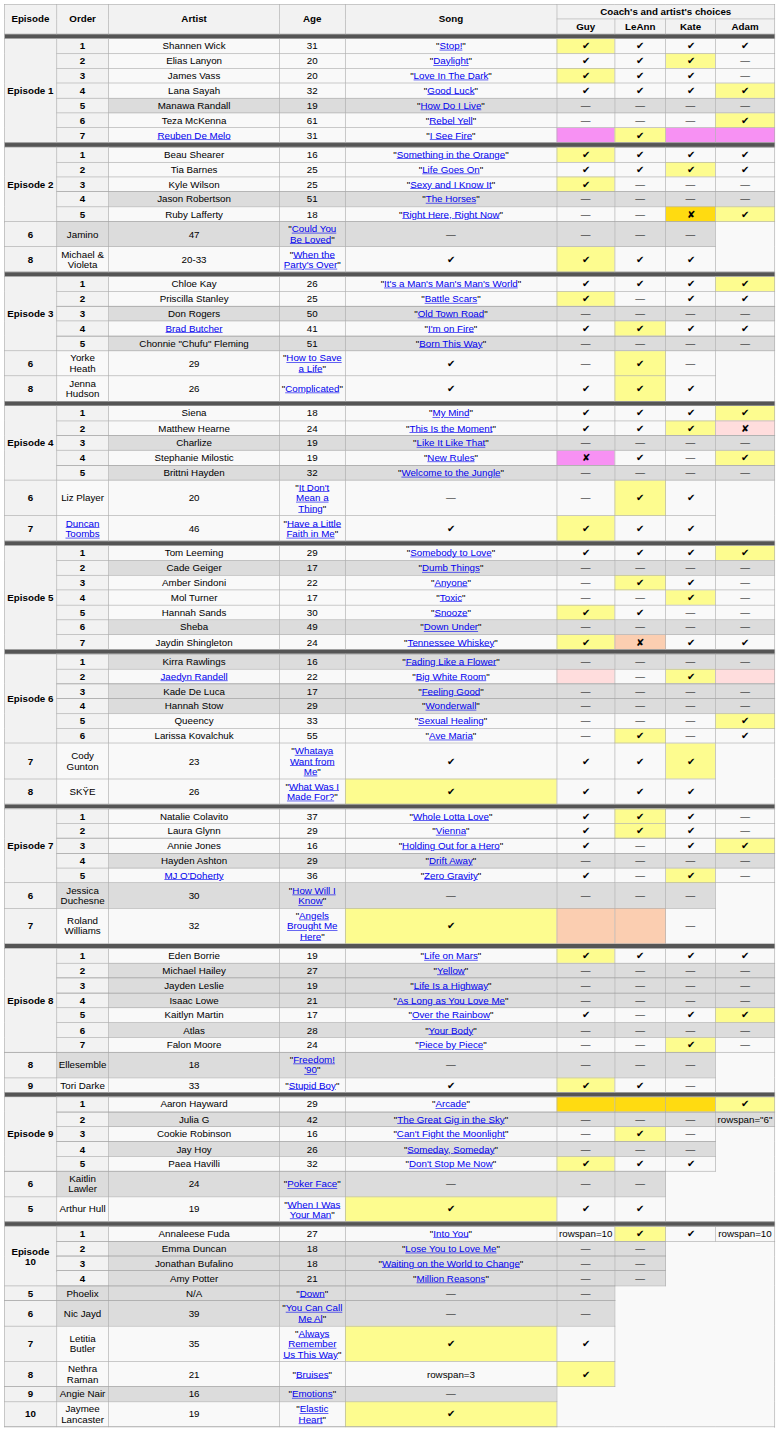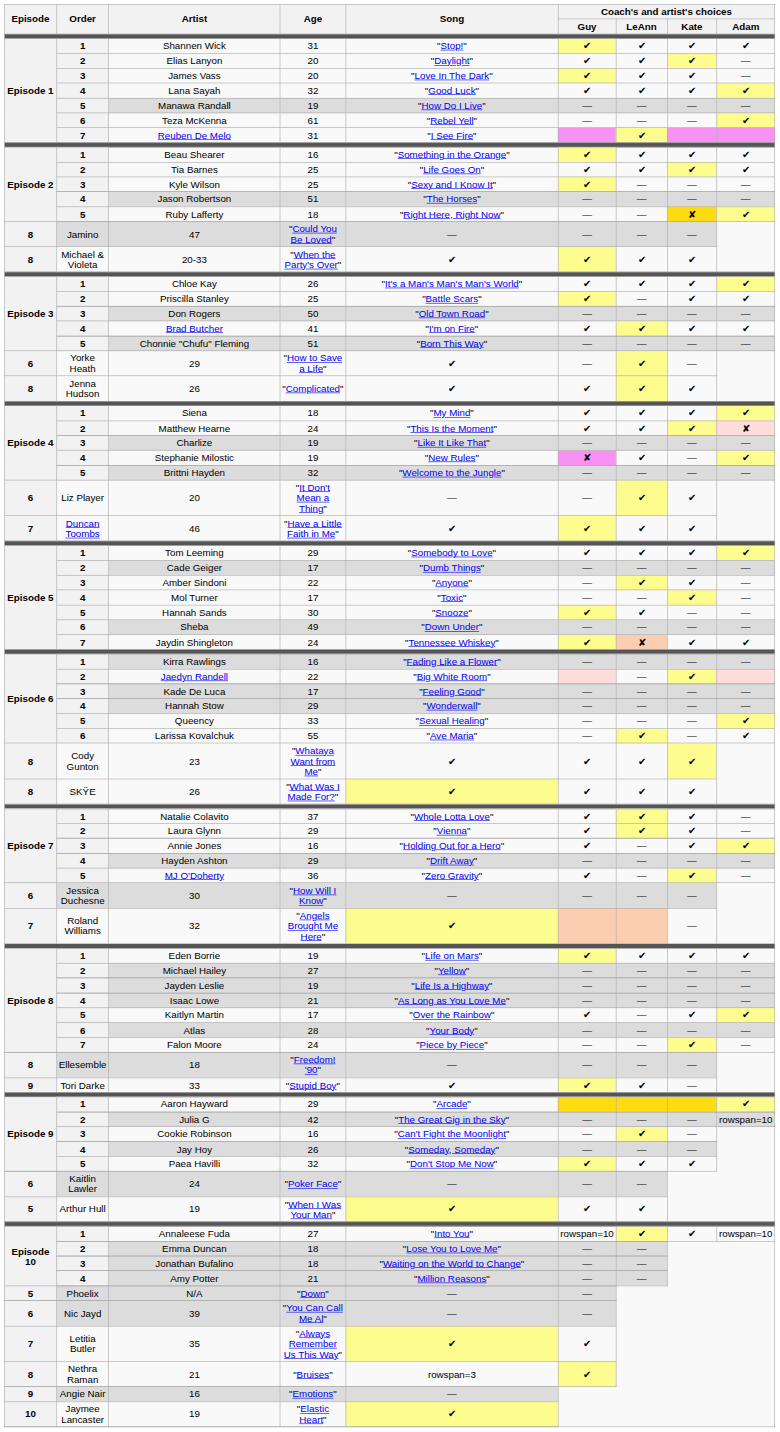 <table class="wikitable" style="text-align:center; line-height:17px; width:100%">
 <tr>
 <th rowspan="2" scope="col" style="width:07%">Episode</th>
 <th rowspan="2" scope="col" style="width:02%">Order</th>
 <th rowspan="2" scope="col" style="width:25%">Artist</th>
 <th rowspan="2" scope="col" style="width:07%">Age</th>
 <th rowspan="2" scope="col" style="width:31%">Song</th>
 <th colspan="4">Coach's and artist's choices</th>
 </tr>
 <tr>
 <th style="width:07%">Guy</th>
 <th style="width:07%">LeAnn</th>
 <th style="width:07%">Kate</th>
 <th style="width:07%">Adam</th>
 </tr>
 <tr>
 <td colspan="9" style="background:#555"></td>
 </tr>
 <tr>
 <th scope="row" rowspan="7">Episode 1<br></th>
 <th>1</th>
 <td>Shannen Wick</td>
 <td>31</td>
 <td>"<a href='#'>Stop!</a>"</td>
 <td style="background:#FDFC8F;">✔</td>
 <td>✔</td>
 <td>✔</td>
 <td>✔</td>
 </tr>
 <tr>
 <th>2</th>
 <td>Elias Lanyon</td>
 <td>20</td>
 <td>"<a href='#'>Daylight</a>"</td>
 <td>✔</td>
 <td>✔</td>
 <td style="background:#FDFC8F;">✔</td>
 <td>—</td>
 </tr>
 <tr>
 <th>3</th>
 <td>James Vass</td>
 <td>20</td>
 <td>"<a href='#'>Love In The Dark</a>"</td>
 <td style="background:#FDFC8F;">✔</td>
 <td>✔</td>
 <td>✔</td>
 <td>—</td>
 </tr>
 <tr>
 <th>4</th>
 <td>Lana Sayah</td>
 <td>32</td>
 <td>"<a href='#'>Good Luck</a>"</td>
 <td>✔</td>
 <td>✔</td>
 <td>✔</td>
 <td style="background:#FDFC8F;">✔</td>
 </tr>
 <tr bgcolor=#DCDCDC>
 <th>5</th>
 <td>Manawa Randall</td>
 <td>19</td>
 <td>"<a href='#'>How Do I Live</a>"</td>
 <td>—</td>
 <td>—</td>
 <td>—</td>
 <td>—</td>
 </tr>
 <tr>
 <th>6</th>
 <td>Teza McKenna</td>
 <td>61</td>
 <td>"<a href='#'>Rebel Yell</a>"</td>
 <td>—</td>
 <td>—</td>
 <td>—</td>
 <td style="background:#FDFC8F;">✔</td>
 </tr>
 <tr>
 <th>7</th>
 <td><a href='#'>Reuben De Melo</a></td>
 <td>31</td>
 <td>"<a href='#'>I See Fire</a>"</td>
 <td style="background:#f791f3;"> <strong></strong> </td>
 <td style="background:#FDFC8F;">✔</td>
 <td style="background:#f791f3;"> <strong></strong> </td>
 <td style="background:#f791f3;"> <strong></strong> </td>
 </tr>
 <tr>
 <td colspan="9" style="background:#555"></td>
 </tr>
 <tr>
 <th scope="row" rowspan="7">Episode 2<br></th>
 <th>1</th>
 <td>Beau Shearer</td>
 <td>16</td>
 <td>"<a href='#'>Something in the Orange</a>"</td>
 <td style="background:#FDFC8F;">✔</td>
 <td>✔</td>
 <td>✔</td>
 <td>✔</td>
 </tr>
 <tr>
 <th>2</th>
 <td>Tia Barnes</td>
 <td>25</td>
 <td>"<a href='#'>Life Goes On</a>"</td>
 <td>✔</td>
 <td>✔</td>
 <td style="background:#FDFC8F;">✔</td>
 <td>✔</td>
 </tr>
 <tr>
 <th>3</th>
 <td>Kyle Wilson</td>
 <td>25</td>
 <td>"<a href='#'>Sexy and I Know It</a>"</td>
 <td style="background:#FDFC8F;">✔</td>
 <td>—</td>
 <td>—</td>
 <td>—</td>
 </tr>
 <tr>
 </tr>
 <tr bgcolor=#DCDCDC>
 <th>4</th>
 <td>Jason Robertson</td>
 <td>51</td>
 <td>"<a href='#'>The Horses</a>"</td>
 <td>—</td>
 <td>—</td>
 <td>—</td>
 <td>—</td>
 </tr>
 <tr>
 <th>5</th>
 <td>Ruby Lafferty</td>
 <td>18</td>
 <td>"<a href='#'>Right Here, Right Now</a>"</td>
 <td>—</td>
 <td>—</td>
 <td style="background:#ffdb11">✘</td>
 <td style="background:#FDFC8F;">✔</td>
 </tr>
 <tr>
 </tr>
 <tr bgcolor=#DCDCDC>
-<th>6</th>
+<th>8</th>
 <td>Jamino</td>
 <td>47</td>
 <td>"<a href='#'>Could You Be Loved</a>"</td>
 <td>—</td>
 <td>—</td>
 <td>—</td>
 <td>—</td>
 </tr>
 <tr>
 <th>8</th>
 <td>Michael & Violeta</td>
 <td>20-33</td>
 <td>"<a href='#'>When the Party's Over</a>"</td>
 <td>✔</td>
 <td style="background:#FDFC8F;">✔</td>
 <td>✔</td>
 <td>✔</td>
 </tr>
 <tr>
 <td colspan="9" style="background:#555"></td>
 </tr>
 <tr>
 <th scope="row" rowspan="7">Episode 3<br></th>
 <th>1</th>
 <td>Chloe Kay</td>
 <td>26</td>
 <td>"<a href='#'>It's a Man's Man's Man's World</a>"</td>
 <td>✔</td>
 <td>✔</td>
 <td>✔</td>
 <td style="background:#FDFC8F;">✔</td>
 </tr>
 <tr>
 <th>2</th>
 <td>Priscilla Stanley</td>
 <td>25</td>
 <td>"<a href='#'>Battle Scars</a>"</td>
 <td style="background:#FDFC8F;">✔</td>
 <td>—</td>
 <td>✔</td>
 <td>✔</td>
 </tr>
 <tr>
 </tr>
 <tr bgcolor=#DCDCDC>
 <th>3</th>
 <td>Don Rogers</td>
 <td>50</td>
 <td>"<a href='#'>Old Town Road</a>"</td>
 <td>—</td>
 <td>—</td>
 <td>—</td>
 <td>—</td>
 </tr>
 <tr>
 <th>4</th>
 <td><a href='#'>Brad Butcher</a></td>
 <td>41</td>
 <td>"<a href='#'>I'm on Fire</a>"</td>
 <td>✔</td>
 <td style="background:#FDFC8F;">✔</td>
 <td>✔</td>
 <td>✔</td>
 </tr>
 <tr>
 </tr>
 <tr bgcolor=#DCDCDC>
 <th>5</th>
 <td>Chonnie "Chufu" Fleming</td>
 <td>51</td>
 <td>"<a href='#'>Born This Way</a>"</td>
 <td>—</td>
 <td>—</td>
 <td>—</td>
 <td>—</td>
 </tr>
 <tr>
 <th>6</th>
 <td>Yorke Heath</td>
 <td>29</td>
 <td>"<a href='#'>How to Save a Life</a>"</td>
 <td>✔</td>
 <td>—</td>
 <td style="background:#FDFC8F;">✔</td>
 <td>—</td>
 </tr>
 <tr>
 <th>8</th>
 <td>Jenna Hudson</td>
 <td>26</td>
 <td>"<a href='#'>Complicated</a>"</td>
 <td>✔</td>
 <td>✔</td>
 <td style="background:#FDFC8F;">✔</td>
 <td>✔</td>
 </tr>
 <tr>
 <td colspan="9" style="background:#555"></td>
 </tr>
 <tr>
 <th scope="row" rowspan="7">Episode 4<br></th>
 <th>1</th>
 <td>Siena</td>
 <td>18</td>
 <td>"<a href='#'>My Mind</a>"</td>
 <td>✔</td>
 <td>✔</td>
 <td>✔</td>
 <td style="background:#FDFC8F;">✔</td>
 </tr>
 <tr>
 <th>2</th>
 <td>Matthew Hearne</td>
 <td>24</td>
 <td>"<a href='#'>This Is the Moment</a>"</td>
 <td>✔</td>
 <td>✔</td>
 <td style="background:#FDFC8F;">✔</td>
 <td style="background:#ffdddd">✘</td>
 </tr>
 <tr>
 </tr>
 <tr bgcolor=#DCDCDC>
 <th>3</th>
 <td>Charlize</td>
 <td>19</td>
 <td>"<a href='#'>Like It Like That</a>"</td>
 <td>—</td>
 <td>—</td>
 <td>—</td>
 <td>—</td>
 </tr>
 <tr>
 <th>4</th>
 <td>Stephanie Milostic</td>
 <td>19</td>
 <td>"<a href='#'>New Rules</a>"</td>
 <td style="background:#f791f3">✘</td>
 <td>✔</td>
 <td>—</td>
 <td style="background:#FDFC8F;">✔</td>
 </tr>
 <tr>
 </tr>
 <tr bgcolor=#DCDCDC>
 <th>5</th>
 <td>Brittni Hayden</td>
 <td>32</td>
 <td>"<a href='#'>Welcome to the Jungle</a>"</td>
 <td>—</td>
 <td>—</td>
 <td>—</td>
 <td>—</td>
 </tr>
 <tr>
 <th>6</th>
 <td>Liz Player</td>
 <td>20</td>
 <td>"<a href='#'>It Don't Mean a Thing</a>"</td>
 <td>—</td>
 <td>—</td>
 <td style="background:#FDFC8F;">✔</td>
 <td>✔</td>
 </tr>
 <tr>
 <th>7</th>
 <td><a href='#'>Duncan Toombs</a></td>
 <td>46</td>
 <td>"<a href='#'>Have a Little Faith in Me</a>"</td>
 <td>✔</td>
 <td style="background:#FDFC8F;">✔</td>
 <td>✔</td>
 <td>✔</td>
 </tr>
 <tr>
 <td colspan="9" style="background:#555"></td>
 </tr>
 <tr>
 <th scope="row" rowspan="7">Episode 5<br></th>
 <th>1</th>
 <td>Tom Leeming</td>
 <td>29</td>
 <td>"<a href='#'>Somebody to Love</a>"</td>
 <td>✔</td>
 <td>✔</td>
 <td>✔</td>
 <td style="background:#FDFC8F;">✔</td>
 </tr>
 <tr bgcolor=#DCDCDC>
 <th>2</th>
 <td>Cade Geiger</td>
 <td>17</td>
 <td>"<a href='#'>Dumb Things</a>"</td>
 <td>—</td>
 <td>—</td>
 <td>—</td>
 <td>—</td>
 </tr>
 <tr>
 <th>3</th>
 <td>Amber Sindoni</td>
 <td>22</td>
 <td>"<a href='#'>Anyone</a>"</td>
 <td>—</td>
 <td style="background:#FDFC8F;">✔</td>
 <td>✔</td>
 <td>—</td>
 </tr>
 <tr>
 <th>4</th>
 <td>Mol Turner</td>
 <td>17</td>
 <td>"<a href='#'>Toxic</a>"</td>
 <td>—</td>
 <td>—</td>
 <td style="background:#FDFC8F;">✔</td>
 <td>—</td>
 </tr>
 <tr>
 <th>5</th>
 <td>Hannah Sands</td>
 <td>30</td>
 <td>"<a href='#'>Snooze</a>"</td>
 <td style="background:#FDFC8F;">✔</td>
 <td>✔</td>
 <td>—</td>
 <td>—</td>
 </tr>
 <tr bgcolor=#DCDCDC>
 <th>6</th>
 <td>Sheba</td>
 <td>49</td>
 <td>"<a href='#'>Down Under</a>"</td>
 <td>—</td>
 <td>—</td>
 <td>—</td>
 <td>—</td>
 </tr>
 <tr>
 <th>7</th>
 <td>Jaydin Shingleton</td>
 <td>24</td>
 <td>"<a href='#'>Tennessee Whiskey</a>"</td>
 <td style="background:#FDFC8F;">✔</td>
 <td style="background:#FBCEB1">✘</td>
 <td>✔</td>
 <td>✔</td>
 </tr>
 <tr>
 <td colspan="9" style="background:#555"></td>
 </tr>
 <tr>
 <th scope="row" rowspan="9">Episode 6<br></th>
 </tr>
 <tr bgcolor=#DCDCDC>
 <th>1</th>
 <td>Kirra Rawlings</td>
 <td>16</td>
 <td>"<a href='#'>Fading Like a Flower</a>"</td>
 <td>—</td>
 <td>—</td>
 <td>—</td>
 <td>—</td>
 </tr>
 <tr>
 <th>2</th>
 <td><a href='#'>Jaedyn Randell</a></td>
 <td>22</td>
 <td>"<a href='#'>Big White Room</a>"</td>
 <td style="background:#ffdddd;"> <strong></strong> </td>
 <td>—</td>
 <td style="background:#FDFC8F;">✔</td>
 <td style="background:#ffdddd;"> <strong></strong> </td>
 </tr>
 <tr>
 </tr>
 <tr bgcolor=#DCDCDC>
 <th>3</th>
 <td>Kade De Luca</td>
 <td>17</td>
 <td>"<a href='#'>Feeling Good</a>"</td>
 <td>—</td>
 <td>—</td>
 <td>—</td>
 <td>—</td>
 </tr>
 <tr>
 </tr>
 <tr bgcolor=#DCDCDC>
 <th>4</th>
 <td>Hannah Stow</td>
 <td>29</td>
 <td>"<a href='#'>Wonderwall</a>"</td>
 <td>—</td>
 <td>—</td>
 <td>—</td>
 <td>—</td>
 </tr>
 <tr>
 <th>5</th>
 <td>Queency</td>
 <td>33</td>
 <td>"<a href='#'>Sexual Healing</a>"</td>
 <td>—</td>
 <td>—</td>
 <td>—</td>
 <td style="background:#FDFC8F;">✔</td>
 </tr>
 <tr>
 <th>6</th>
 <td>Larissa Kovalchuk</td>
 <td>55</td>
 <td>"<a href='#'>Ave Maria</a>"</td>
 <td>—</td>
 <td style="background:#FDFC8F;">✔</td>
 <td>—</td>
 <td>✔</td>
 </tr>
 <tr>
-<th>7</th>
+<th>8</th>
 <td>Cody Gunton</td>
 <td>23</td>
 <td>"<a href='#'>Whataya Want from Me</a>"</td>
 <td>✔</td>
 <td>✔</td>
 <td>✔</td>
 <td style="background:#FDFC8F;">✔</td>
 </tr>
 <tr>
 <th>8</th>
 <td>SKŸE</td>
 <td>26</td>
 <td>"<a href='#'>What Was I Made For?</a>"</td>
 <td style="background:#FDFC8F;">✔</td>
 <td>✔</td>
 <td>✔</td>
 <td>✔</td>
 </tr>
 <tr>
 <td colspan="9" style="background:#555"></td>
 </tr>
 <tr>
 <th scope="row" rowspan="8">Episode 7<br></th>
 </tr>
 <tr>
 <th>1</th>
 <td>Natalie Colavito</td>
 <td>37</td>
 <td>"<a href='#'>Whole Lotta Love</a>"</td>
 <td>✔</td>
 <td style="background:#FDFC8F;">✔</td>
 <td>✔</td>
 <td>—</td>
 </tr>
 <tr>
 <th>2</th>
 <td>Laura Glynn</td>
 <td>29</td>
 <td>"<a href='#'>Vienna</a>"</td>
 <td>✔</td>
 <td style="background:#FDFC8F;">✔</td>
 <td>✔</td>
 <td>—</td>
 </tr>
 <tr>
 </tr>
 <tr>
 <th>3</th>
 <td>Annie Jones</td>
 <td>16</td>
 <td>"<a href='#'>Holding Out for a Hero</a>"</td>
 <td>✔</td>
 <td>—</td>
 <td>✔</td>
 <td style="background:#FDFC8F;">✔</td>
 </tr>
 <tr>
 </tr>
 <tr bgcolor=#DCDCDC>
 <th>4</th>
 <td>Hayden Ashton</td>
 <td>29</td>
 <td>"<a href='#'>Drift Away</a>"</td>
 <td>—</td>
 <td>—</td>
 <td>—</td>
 <td>—</td>
 </tr>
 <tr>
 <th>5</th>
 <td><a href='#'>MJ O'Doherty</a></td>
 <td>36</td>
 <td>"<a href='#'>Zero Gravity</a>"</td>
 <td>✔</td>
 <td>—</td>
 <td style="background:#FDFC8F;">✔</td>
 <td>—</td>
 </tr>
 <tr bgcolor=#DCDCDC>
 <th>6</th>
 <td>Jessica Duchesne</td>
 <td>30</td>
 <td>"<a href='#'>How Will I Know</a>"</td>
 <td>—</td>
 <td>—</td>
 <td>—</td>
 <td>—</td>
 </tr>
 <tr>
 <th>7</th>
 <td>Roland Williams</td>
 <td>32</td>
 <td>"<a href='#'>Angels Brought Me Here</a>"</td>
 <td style="background:#FDFC8F;">✔</td>
 <td style="background:#fbceb1;"> <strong></strong> </td>
 <td style="background:#fbceb1;"> <strong></strong> </td>
 <td>—</td>
 </tr>
 <tr>
 <td colspan="9" style="background:#555"></td>
 </tr>
 <tr>
 <th scope="row" rowspan="10">Episode 8<br></th>
 </tr>
 <tr>
 <th>1</th>
 <td>Eden Borrie</td>
 <td>19</td>
 <td>"<a href='#'>Life on Mars</a>"</td>
 <td style="background:#FDFC8F;">✔</td>
 <td>✔</td>
 <td>✔</td>
 <td>✔</td>
 </tr>
 <tr bgcolor=#DCDCDC>
 <th>2</th>
 <td>Michael Hailey</td>
 <td>27</td>
 <td>"<a href='#'>Yellow</a>"</td>
 <td>—</td>
 <td>—</td>
 <td>—</td>
 <td>—</td>
 </tr>
 <tr>
 </tr>
 <tr bgcolor=#DCDCDC>
 <th>3</th>
 <td>Jayden Leslie</td>
 <td>19</td>
 <td>"<a href='#'>Life Is a Highway</a>"</td>
 <td>—</td>
 <td>—</td>
 <td>—</td>
 <td>—</td>
 </tr>
 <tr>
 </tr>
 <tr bgcolor=#DCDCDC>
 <th>4</th>
 <td>Isaac Lowe</td>
 <td>21</td>
 <td>"<a href='#'>As Long as You Love Me</a>"</td>
 <td>—</td>
 <td>—</td>
 <td>—</td>
 <td>—</td>
 </tr>
 <tr>
 <th>5</th>
 <td>Kaitlyn Martin</td>
 <td>17</td>
 <td>"<a href='#'>Over the Rainbow</a>"</td>
 <td>✔</td>
 <td>—</td>
 <td>✔</td>
 <td style="background:#FDFC8F;">✔</td>
 </tr>
 <tr bgcolor=#DCDCDC>
 <th>6</th>
 <td>Atlas</td>
 <td>28</td>
 <td>"<a href='#'>Your Body</a>"</td>
 <td>—</td>
 <td>—</td>
 <td>—</td>
 <td>—</td>
 </tr>
 <tr>
 <th>7</th>
 <td>Falon Moore</td>
 <td>24</td>
 <td>"<a href='#'>Piece by Piece</a>"</td>
 <td>—</td>
 <td>—</td>
 <td style="background:#FDFC8F;">✔</td>
 <td>—</td>
 </tr>
 <tr>
 </tr>
 <tr bgcolor=#DCDCDC>
 <th>8</th>
 <td>Ellesemble</td>
 <td>18</td>
 <td>"<a href='#'>Freedom! '90</a>"</td>
 <td>—</td>
 <td>—</td>
 <td>—</td>
 <td>—</td>
 </tr>
 <tr>
 <th>9</th>
 <td>Tori Darke</td>
 <td>33</td>
 <td>"<a href='#'>Stupid Boy</a>"</td>
 <td>✔</td>
 <td style="background:#FDFC8F;">✔</td>
 <td>✔</td>
 <td>—</td>
 </tr>
 <tr>
 <td colspan="9" style="background:#555"></td>
 </tr>
 <tr>
 <th scope="row" rowspan="8">Episode 9<br></th>
 </tr>
 <tr>
 <th>1</th>
 <td>Aaron Hayward</td>
 <td>29</td>
 <td>"<a href='#'>Arcade</a>"</td>
 <td style="background:#ffdb11;"> <strong></strong> </td>
 <td style="background:#ffdb11;"> <strong></strong> </td>
 <td style="background:#ffdb11;"> <strong></strong> </td>
 <td style="background:#FDFC8F;">✔</td>
 </tr>
 <tr>
 </tr>
 <tr bgcolor=#DCDCDC>
 <th>2</th>
 <td>Julia G</td>
 <td>42</td>
 <td>"<a href='#'>The Great Gig in the Sky</a>"</td>
 <td>—</td>
 <td>—</td>
 <td>—</td>
-<td>rowspan="6" </td>
+<td>rowspan=10 </td>
 </tr>
 <tr>
 <th>3</th>
 <td>Cookie Robinson</td>
 <td>16</td>
 <td>"<a href='#'>Can't Fight the Moonlight</a>"</td>
 <td>—</td>
 <td style="background:#FDFC8F;">✔</td>
 <td>—</td>
 </tr>
 <tr>
 </tr>
 <tr bgcolor=#DCDCDC>
 <th>4</th>
 <td>Jay Hoy</td>
 <td>26</td>
 <td>"<a href='#'>Someday, Someday</a>"</td>
 <td>—</td>
 <td>—</td>
 <td>—</td>
 </tr>
 <tr>
 <th>5</th>
 <td>Paea Havilli</td>
 <td>32</td>
 <td>"<a href='#'>Don't Stop Me Now</a>"</td>
 <td style="background:#FDFC8F;">✔</td>
 <td>✔</td>
 <td>✔</td>
 </tr>
 <tr>
 </tr>
 <tr bgcolor=#DCDCDC>
 <th>6</th>
 <td>Kaitlin Lawler</td>
 <td>24</td>
 <td>"<a href='#'>Poker Face</a>"</td>
 <td>—</td>
 <td>—</td>
 <td>—</td>
 </tr>
 <tr>
 <th>5</th>
 <td>Arthur Hull</td>
 <td>19</td>
 <td>"<a href='#'>When I Was Your Man</a>"</td>
 <td style="background:#FDFC8F;">✔</td>
 <td>✔</td>
 <td>✔</td>
 </tr>
 <tr>
 <td colspan="11" style="background:#555"></td>
 </tr>
 <tr>
 <th scope="row" rowspan="11">Episode 10<br></th>
 </tr>
 <tr>
 <th>1</th>
 <td>Annaleese Fuda</td>
 <td>27</td>
 <td>"<a href='#'>Into You</a>"</td>
 <td>rowspan=10 </td>
 <td style="background:#FDFC8F;">✔</td>
 <td>✔</td>
 <td>rowspan=10 </td>
 </tr>
 <tr>
 </tr>
 <tr bgcolor=#DCDCDC>
 <th>2</th>
 <td>Emma Duncan</td>
 <td>18</td>
 <td>"<a href='#'>Lose You to Love Me</a>"</td>
 <td>—</td>
 <td>—</td>
 </tr>
 <tr>
 </tr>
 <tr>
 </tr>
 <tr bgcolor=#DCDCDC>
 <th>3</th>
 <td>Jonathan Bufalino</td>
 <td>18</td>
 <td>"<a href='#'>Waiting on the World to Change</a>"</td>
 <td>—</td>
 <td>—</td>
 </tr>
 <tr>
 </tr>
 <tr>
 </tr>
 <tr bgcolor=#DCDCDC>
 <th>4</th>
 <td>Amy Potter</td>
 <td>21</td>
 <td>"<a href='#'>Million Reasons</a>"</td>
 <td>—</td>
 <td>—</td>
 </tr>
 <tr>
 </tr>
 <tr bgcolor=#DCDCDC>
 <th>5</th>
 <td>Phoelix</td>
 <td>N/A</td>
 <td>"<a href='#'>Down</a>"</td>
 <td>—</td>
 <td>—</td>
 </tr>
 <tr>
 </tr>
 <tr bgcolor=#DCDCDC>
 <th>6</th>
 <td>Nic Jayd</td>
 <td>39</td>
 <td>"<a href='#'>You Can Call Me Al</a>"</td>
 <td>—</td>
 <td>—</td>
 </tr>
 <tr>
 <th>7</th>
 <td>Letitia Butler</td>
 <td>35</td>
 <td>"<a href='#'>Always Remember Us This Way</a>"</td>
 <td style="background:#FDFC8F;">✔</td>
 <td>✔</td>
 </tr>
 <tr>
 <th>8</th>
 <td>Nethra Raman</td>
 <td>21</td>
 <td>"<a href='#'>Bruises</a>"</td>
 <td>rowspan=3 </td>
 <td style="background:#FDFC8F;">✔</td>
 </tr>
 <tr>
 </tr>
 <tr>
 </tr>
 <tr bgcolor=#DCDCDC>
 <th>9</th>
 <td>Angie Nair</td>
 <td>16</td>
 <td>"<a href='#'>Emotions</a>"</td>
 <td>—</td>
 </tr>
 <tr>
 <th>10</th>
 <td>Jaymee Lancaster</td>
 <td>19</td>
 <td>"<a href='#'>Elastic Heart</a>"</td>
 <td style="background:#FDFC8F;">✔</td>
 </tr>
 <tr>
 </tr>
 </table>
